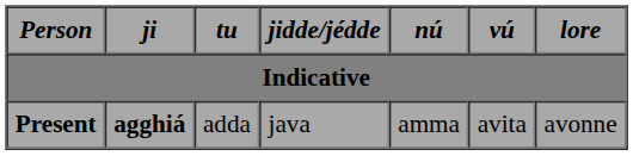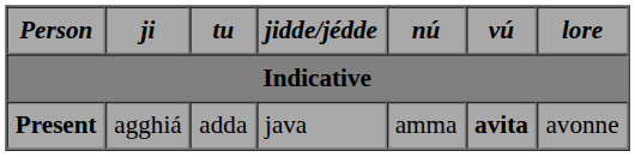 <table border="1" cellpadding="4" cellspacing="0" style="background: darkgray; font-size: 90%;">
 <tr>
 <th><em>Person</em></th>
 <th><em>ji</em></th>
 <th><em>tu</em></th>
 <th><em>jidde/jédde</em></th>
 <th><em>nú</em></th>
 <th><em>vú</em></th>
 <th><em>lore</em></th>
 </tr>
 <tr>
 <th style="background:gray" colspan="7">Indicative</th>
 </tr>
 <tr>
 <td><strong>Present</strong></td>
-<td><strong>agghiá</strong></td>
+<td>agghiá</td>
 <td>adda</td>
 <td>java</td>
 <td>amma</td>
-<td>avita</td>
+<td><strong>avita</strong></td>
 <td>avonne</td>
 </tr>
 <tr>
 </tr>
 </table>
